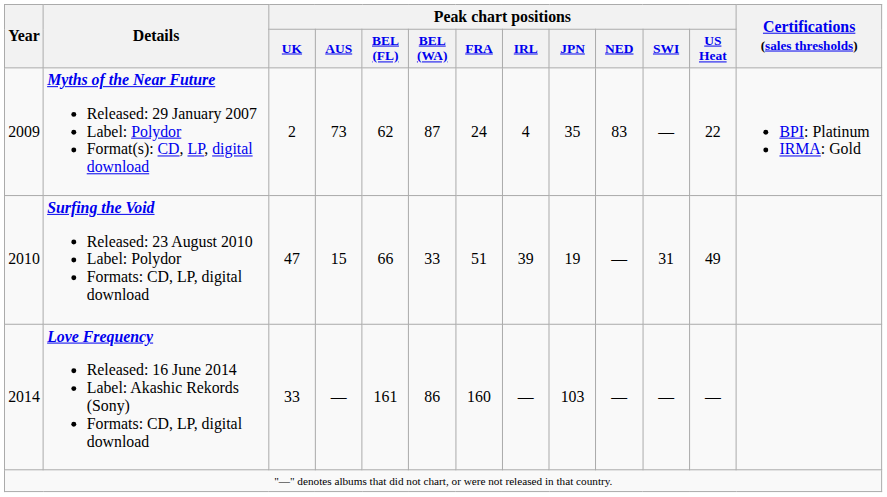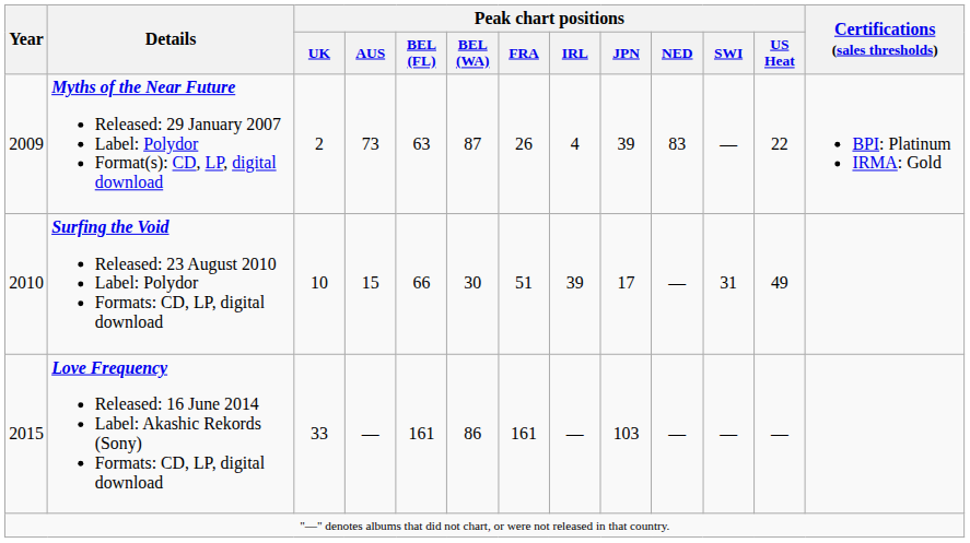 <table class="wikitable">
 <tr>
 <th rowspan="2">Year</th>
 <th rowspan="2" style="width:220px;">Details</th>
 <th colspan="10">Peak chart positions</th>
 <th rowspan="2" style="width:140px;"><a href='#'>Certifications</a><br><small>(<a href='#'>sales thresholds</a>)</small></th>
 </tr>
 <tr>
 <th style="width:3em;font-size:85%;"><a href='#'>UK</a><br></th>
 <th style="width:3em;font-size:85%;"><a href='#'>AUS</a><br></th>
 <th style="width:3em;font-size:85%;"><a href='#'>BEL<br>(FL)</a><br></th>
 <th style="width:3em;font-size:85%;"><a href='#'>BEL<br>(WA)</a><br></th>
 <th style="width:3em;font-size:85%;"><a href='#'>FRA</a><br></th>
 <th style="width:3em;font-size:85%;"><a href='#'>IRL</a><br></th>
 <th style="width:3em;font-size:85%;"><a href='#'>JPN</a><br></th>
 <th style="width:3em;font-size:85%;"><a href='#'>NED</a><br></th>
 <th style="width:3em;font-size:85%;"><a href='#'>SWI</a><br></th>
 <th style="width:3em;font-size:85%;"><a href='#'>US Heat</a><br></th>
 </tr>
 <tr>
 <td>2009</td>
 <td><strong><em><a href='#'>Myths of the Near Future</a></em></strong><br><ul><li>Released: 29 January 2007</li><li>Label: <a href='#'>Polydor</a></li><li>Format(s): <a href='#'>CD</a>, <a href='#'>LP</a>, <a href='#'>digital download</a></li></ul></td>
 <td style="text-align:center;">2</td>
 <td style="text-align:center;">73</td>
-<td style="text-align:center;">62</td>
+<td style="text-align:center;">63</td>
 <td style="text-align:center;">87</td>
-<td style="text-align:center;">24</td>
+<td style="text-align:center;">26</td>
 <td style="text-align:center;">4</td>
-<td style="text-align:center;">35</td>
+<td style="text-align:center;">39</td>
 <td style="text-align:center;">83</td>
 <td style="text-align:center;">—</td>
 <td style="text-align:center;">22</td>
 <td><br><ul><li><a href='#'>BPI</a>: Platinum</li><li><a href='#'>IRMA</a>: Gold</li></ul></td>
 </tr>
 <tr>
 <td>2010</td>
 <td><strong><em><a href='#'>Surfing the Void</a></em></strong><br><ul><li>Released: 23 August 2010</li><li>Label: Polydor</li><li>Formats: CD, LP, digital download</li></ul></td>
-<td style="text-align:center;">47</td>
+<td style="text-align:center;">10</td>
 <td style="text-align:center;">15</td>
 <td style="text-align:center;">66</td>
-<td style="text-align:center;">33</td>
+<td style="text-align:center;">30</td>
 <td style="text-align:center;">51</td>
 <td style="text-align:center;">39</td>
-<td style="text-align:center;">19</td>
+<td style="text-align:center;">17</td>
 <td style="text-align:center;">—</td>
 <td style="text-align:center;">31</td>
 <td style="text-align:center;">49</td>
 <td align="left"></td>
 </tr>
 <tr>
-<td>2014</td>
+<td>2015</td>
 <td><strong><em><a href='#'>Love Frequency</a></em></strong><br><ul><li>Released: 16 June 2014</li><li>Label: Akashic Rekords (Sony)</li><li>Formats: CD, LP, digital download</li></ul></td>
 <td style="text-align:center;">33</td>
 <td style="text-align:center;">—</td>
 <td style="text-align:center;">161</td>
 <td style="text-align:center;">86</td>
-<td style="text-align:center;">160</td>
+<td style="text-align:center;">161</td>
 <td style="text-align:center;">—</td>
 <td style="text-align:center;">103</td>
 <td style="text-align:center;">—</td>
 <td style="text-align:center;">—</td>
 <td style="text-align:center;">—</td>
 <td align="left"></td>
 </tr>
 <tr>
 <td colspan="13" style="text-align:center; font-size:85%;"><small>"—" denotes albums that did not chart, or were not released in that country.</small></td>
 </tr>
 </table>
